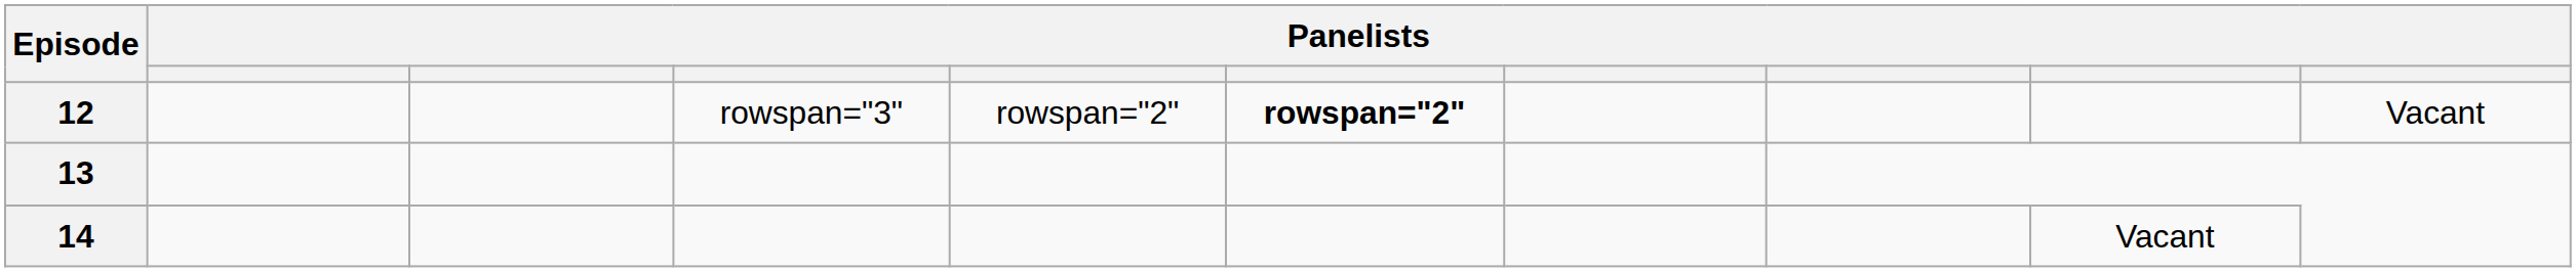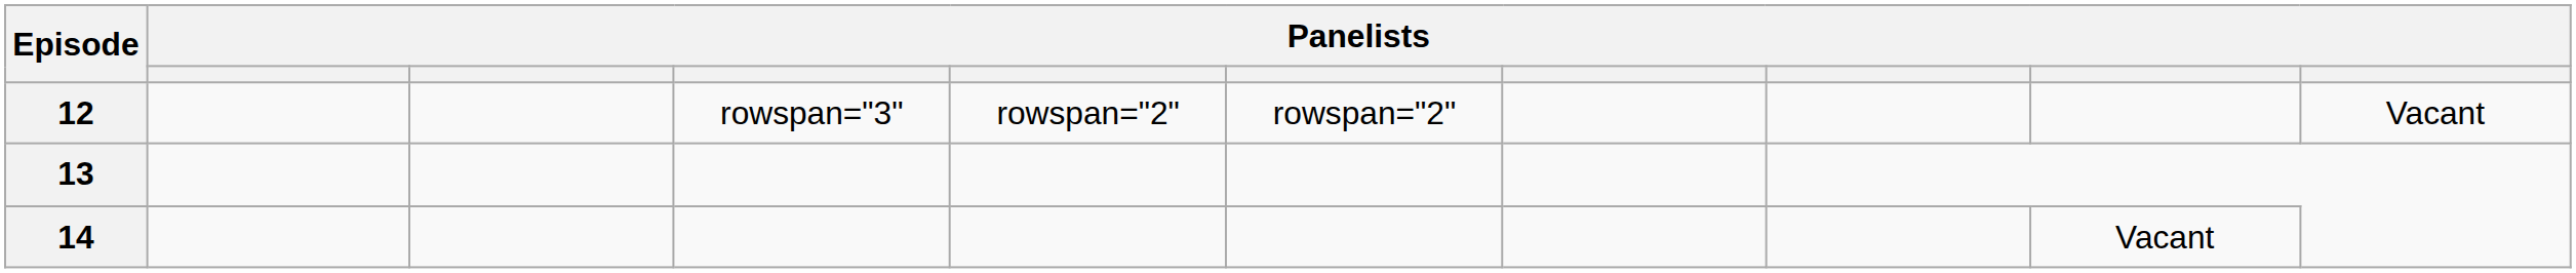 <table class="wikitable plainrowheaders mw-collapsible" style="text-align:center; line-height:23px; width:100%;">
 <tr>
 <th rowspan="2" width="1%">Episode</th>
 <th colspan="9">Panelists</th>
 </tr>
 <tr>
 <th width="11%"></th>
 <th width="11%"></th>
 <th width="11%"></th>
 <th width="11%"></th>
 <th width="11%"></th>
 <th width="11%"></th>
 <th width="11%"></th>
 <th width="11%"></th>
 <th width="11%"></th>
 </tr>
 <tr>
 <th>12</th>
 <td></td>
 <td></td>
 <td>rowspan="3" </td>
 <td>rowspan="2" </td>
-<td><strong>rowspan="2" </strong></td>
+<td>rowspan="2" </td>
 <td></td>
 <td></td>
 <td></td>
 <td> Vacant</td>
 </tr>
 <tr>
 <th>13</th>
 <td></td>
 <td></td>
 <td></td>
 <td></td>
 <td></td>
 <td></td>
 </tr>
 <tr>
 <th>14</th>
 <td></td>
 <td></td>
 <td></td>
 <td></td>
 <td></td>
 <td></td>
 <td></td>
 <td> Vacant</td>
 </tr>
 </table>
